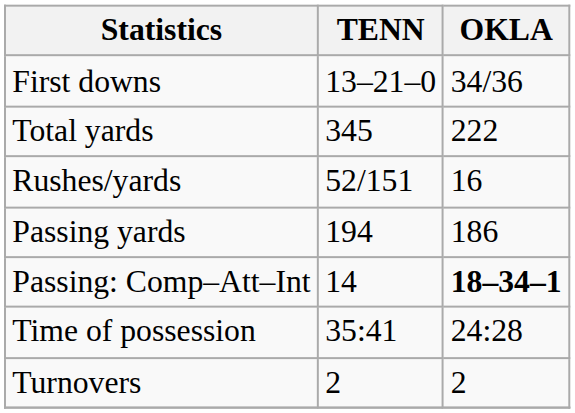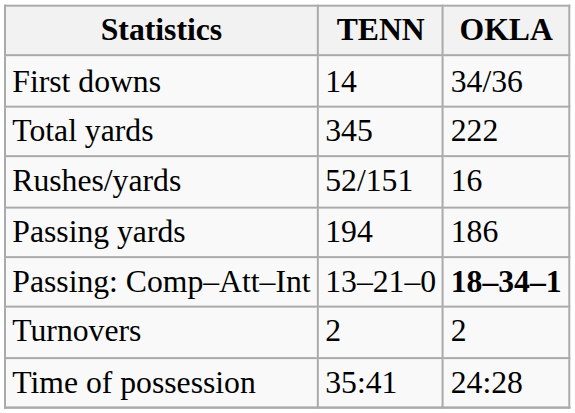 <table class="wikitable" style="float: left;">
 <tr>
 <th>Statistics</th>
 <th>TENN</th>
 <th>OKLA</th>
 </tr>
 <tr>
 <td>First downs</td>
-<td>13–21–0</td>
+<td>14</td>
 <td>34/36</td>
 </tr>
 <tr>
 <td>Total yards</td>
 <td>345</td>
 <td>222</td>
 </tr>
 <tr>
 <td>Rushes/yards</td>
 <td>52/151</td>
 <td>16</td>
 </tr>
 <tr>
 <td>Passing yards</td>
 <td>194</td>
 <td>186</td>
 </tr>
 <tr>
 <td>Passing: Comp–Att–Int</td>
-<td>14</td>
+<td>13–21–0</td>
 <td><strong>18–34–1</strong></td>
+</tr>
+<tr>
+<td>Turnovers</td>
+<td>2</td>
+<td>2</td>
 </tr>
 <tr>
 <td>Time of possession</td>
 <td>35:41</td>
 <td>24:28</td>
 </tr>
 <tr>
-<td>Turnovers</td>
-<td>2</td>
-<td>2</td>
-</tr>
-<tr>
 </tr>
 </table>
